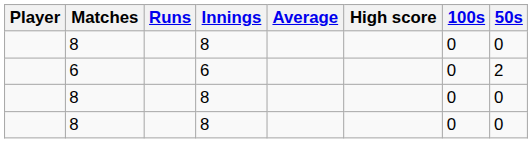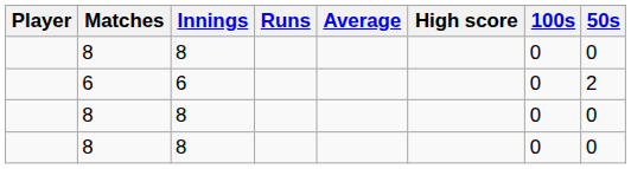 <table class="wikitable sortable" style="width:80%;">
 <tr>
 <th>Player</th>
 <th>Matches</th>
+<th><a href='#'>Innings</a></th>
 <th><a href='#'>Runs</a></th>
-<th><a href='#'>Innings</a></th>
 <th><a href='#'>Average</a></th>
 <th>High score</th>
 <th><a href='#'>100s</a></th>
 <th><a href='#'>50s</a></th>
 </tr>
 <tr>
 <td></td>
 <td>8</td>
+<td>8</td>
 <td></td>
-<td>8</td>
 <td></td>
 <td></td>
 <td>0</td>
 <td>0</td>
 </tr>
 <tr>
 <td></td>
 <td>6</td>
+<td>6</td>
 <td></td>
-<td>6</td>
 <td></td>
 <td></td>
 <td>0</td>
 <td>2</td>
 </tr>
 <tr>
 <td></td>
 <td>8</td>
+<td>8</td>
 <td></td>
-<td>8</td>
 <td></td>
 <td></td>
 <td>0</td>
 <td>0</td>
 </tr>
 <tr>
 <td></td>
 <td>8</td>
+<td>8</td>
 <td></td>
-<td>8</td>
 <td></td>
 <td></td>
 <td>0</td>
 <td>0</td>
 </tr>
 </table>
